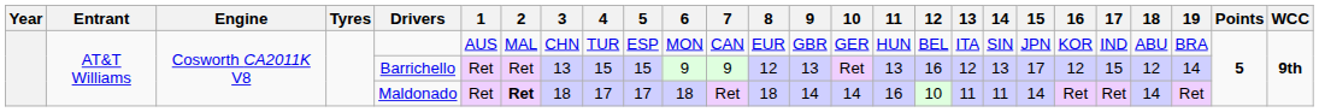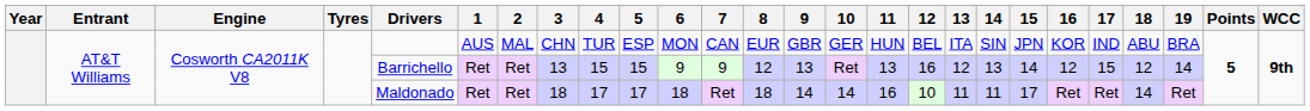 <table class="wikitable" style="text-align:center; font-size:95%">
 <tr>
 <th>Year</th>
 <th>Entrant</th>
 <th>Engine</th>
 <th>Tyres</th>
 <th>Drivers</th>
 <th>1</th>
 <th>2</th>
 <th>3</th>
 <th>4</th>
 <th>5</th>
 <th>6</th>
 <th>7</th>
 <th>8</th>
 <th>9</th>
 <th>10</th>
 <th>11</th>
 <th>12</th>
 <th>13</th>
 <th>14</th>
 <th>15</th>
 <th>16</th>
 <th>17</th>
 <th>18</th>
 <th>19</th>
 <th>Points</th>
 <th>WCC</th>
 </tr>
 <tr>
 <th rowspan=3></th>
 <td rowspan=3><a href='#'>AT&T Williams</a></td>
 <td rowspan=3><a href='#'>Cosworth <em>CA2011K</em></a> <a href='#'>V8</a></td>
 <td rowspan=3></td>
 <td></td>
 <td><a href='#'>AUS</a></td>
 <td><a href='#'>MAL</a></td>
 <td><a href='#'>CHN</a></td>
 <td><a href='#'>TUR</a></td>
 <td><a href='#'>ESP</a></td>
 <td><a href='#'>MON</a></td>
 <td><a href='#'>CAN</a></td>
 <td><a href='#'>EUR</a></td>
 <td><a href='#'>GBR</a></td>
 <td><a href='#'>GER</a></td>
 <td><a href='#'>HUN</a></td>
 <td><a href='#'>BEL</a></td>
 <td><a href='#'>ITA</a></td>
 <td><a href='#'>SIN</a></td>
 <td><a href='#'>JPN</a></td>
 <td><a href='#'>KOR</a></td>
 <td><a href='#'>IND</a></td>
 <td><a href='#'>ABU</a></td>
 <td><a href='#'>BRA</a></td>
 <td rowspan=3><strong>5</strong></td>
 <td rowspan=3><strong>9th</strong></td>
 </tr>
 <tr>
 <td><a href='#'>Barrichello</a></td>
 <td style="background:#efcfff;">Ret</td>
 <td style="background:#efcfff;">Ret</td>
 <td style="background:#cfcfff;">13</td>
 <td style="background:#CFCFFF;">15</td>
 <td style="background:#CFCFFF;">15</td>
 <td style="background:#dfffdf;">9</td>
 <td style="background:#dfffdf;">9</td>
 <td style="background:#cfcfff;">12</td>
 <td style="background:#cfcfff;">13</td>
 <td style="background:#efcfff;">Ret</td>
 <td style="background:#cfcfff;">13</td>
 <td style="background:#cfcfff;">16</td>
 <td style="background:#cfcfff;">12</td>
 <td style="background:#cfcfff;">13</td>
-<td style="background:#cfcfff;">17</td>
+<td style="background:#cfcfff;">14</td>
 <td style="background:#cfcfff;">12</td>
 <td style="background:#cfcfff;">15</td>
 <td style="background:#cfcfff;">12</td>
 <td style="background:#cfcfff;">14</td>
 </tr>
 <tr>
 <td><a href='#'>Maldonado</a></td>
 <td style="background:#efcfff;">Ret</td>
-<td style="background:#efcfff;"><strong>Ret</strong></td>
+<td style="background:#efcfff;">Ret</td>
 <td style="background:#cfcfff;">18</td>
 <td style="background:#CFCFFF;">17</td>
 <td style="background:#CFCFFF;">17</td>
 <td style="background:#CFCFFF;">18 </td>
 <td style="background:#efcfff;">Ret</td>
 <td style="background:#cfcfff;">18</td>
 <td style="background:#cfcfff;">14</td>
 <td style="background:#cfcfff;">14</td>
 <td style="background:#cfcfff;">16</td>
 <td style="background:#dfffdf;">10</td>
 <td style="background:#cfcfff;">11</td>
 <td style="background:#cfcfff;">11</td>
-<td style="background:#cfcfff;">14</td>
+<td style="background:#cfcfff;">17</td>
 <td style="background:#efcfff;">Ret</td>
 <td style="background:#efcfff;">Ret</td>
 <td style="background:#cfcfff;">14</td>
 <td style="background:#efcfff;">Ret</td>
 </tr>
 </table>
